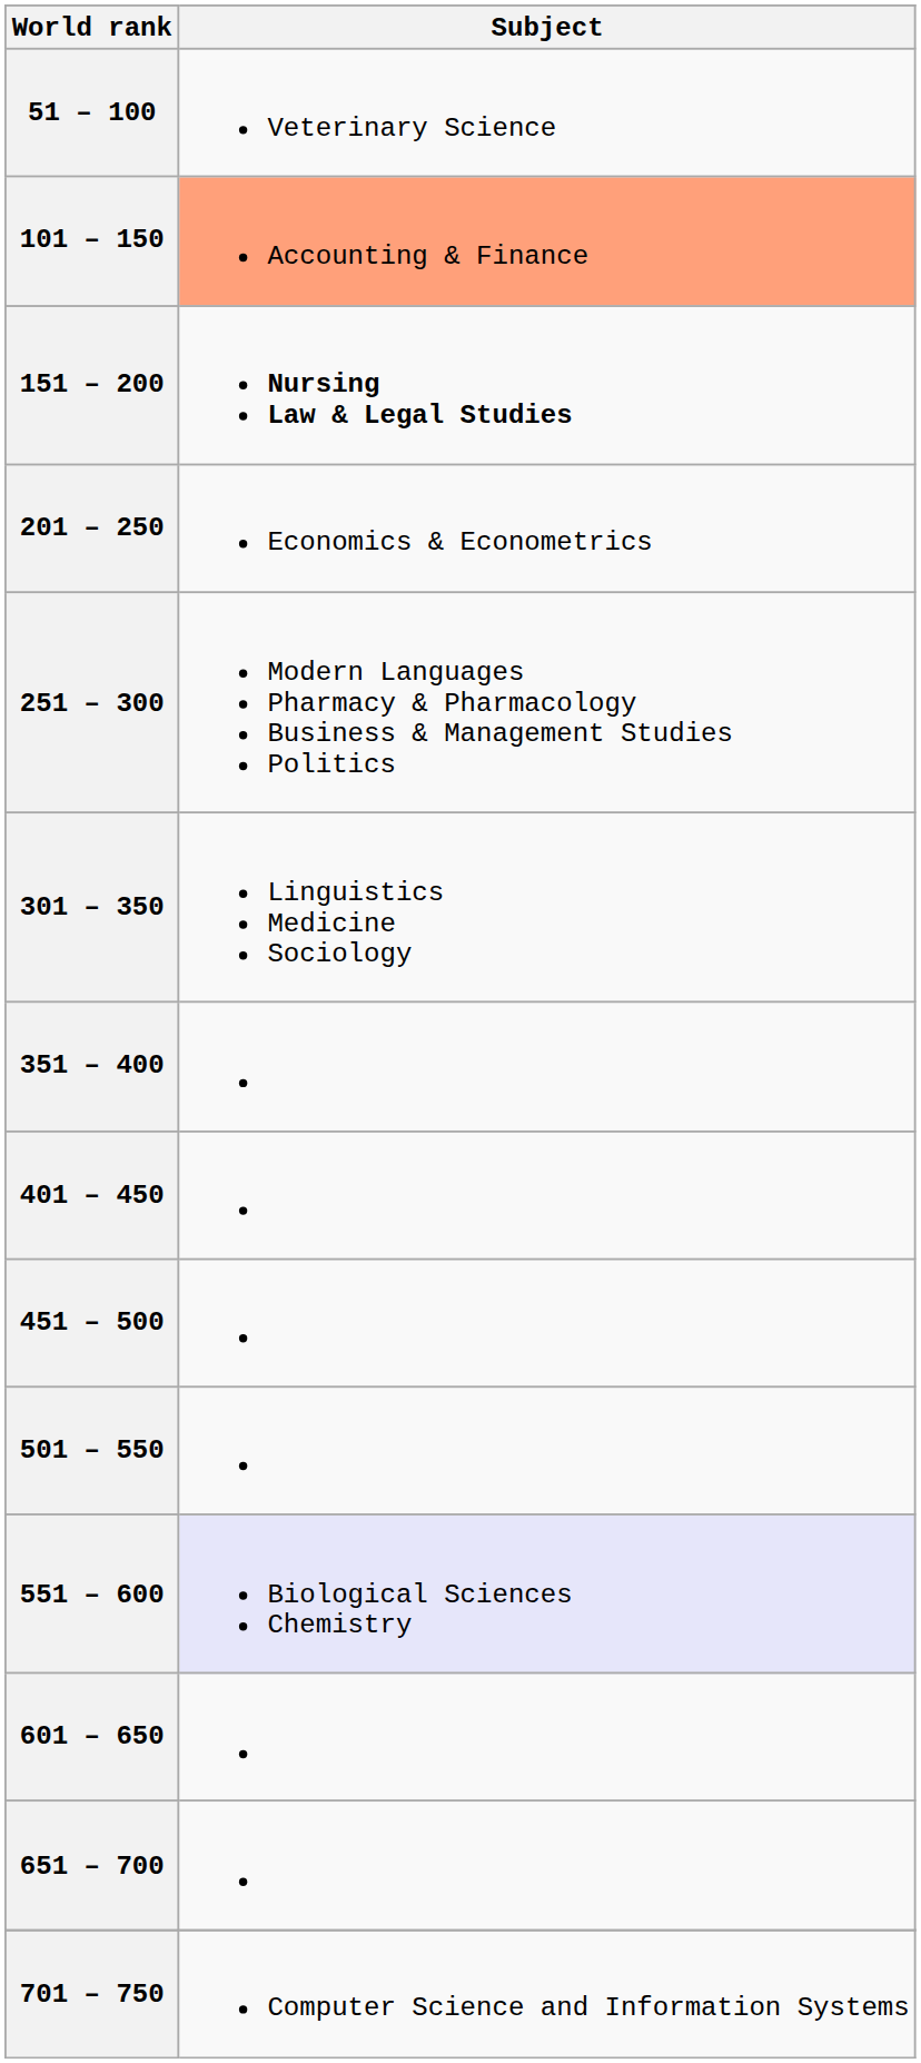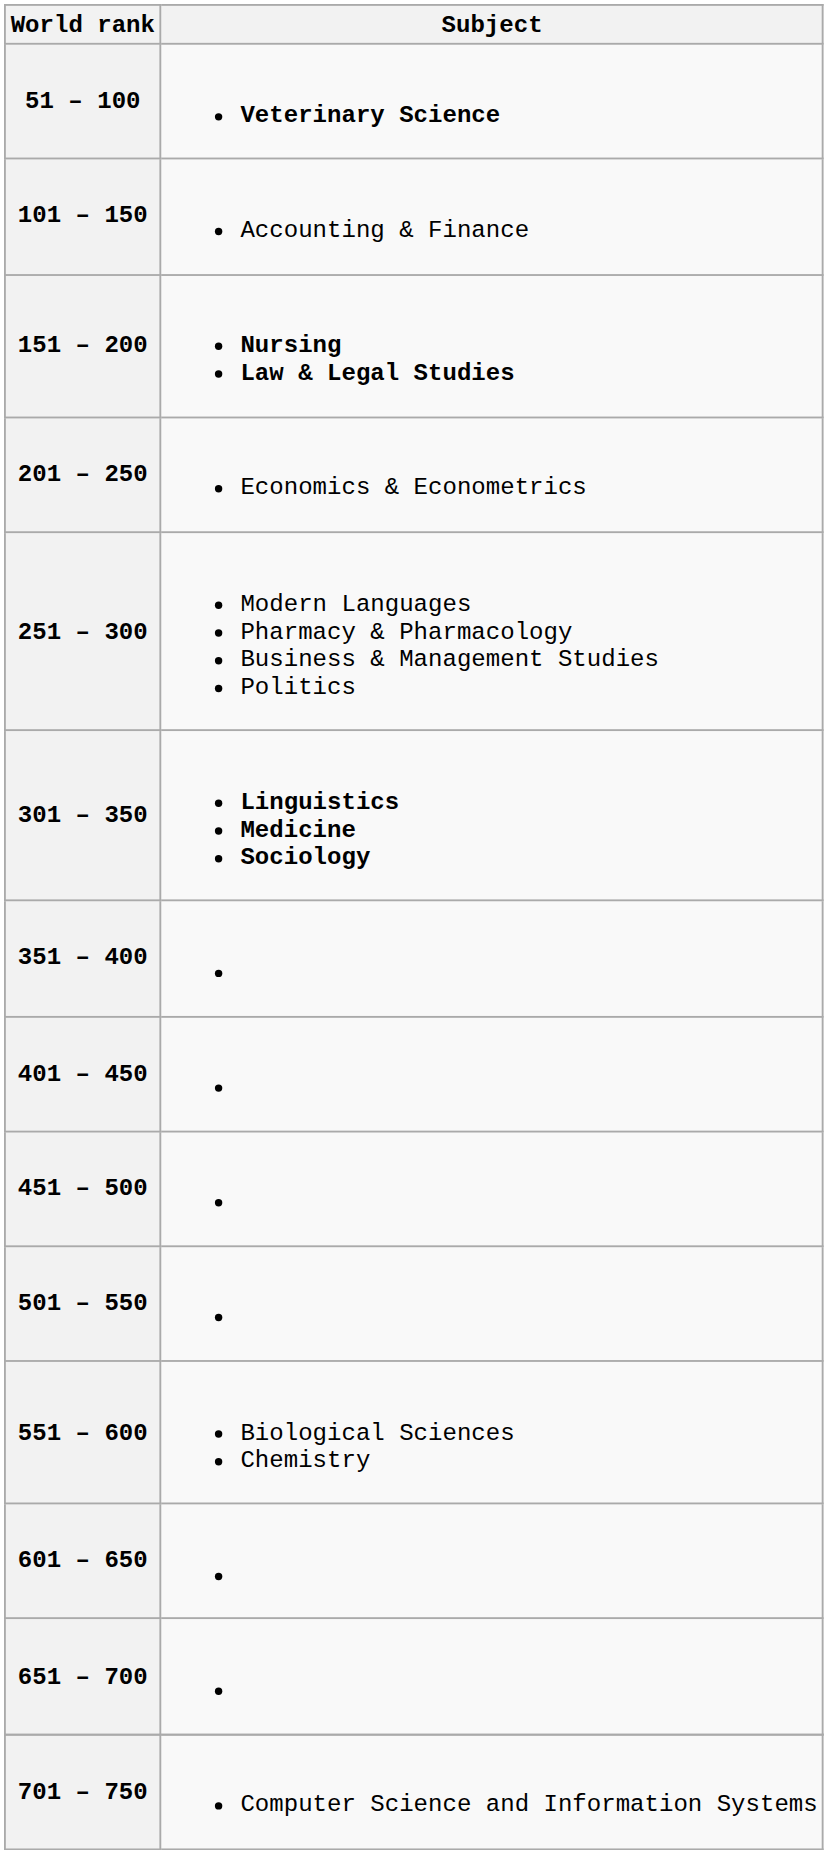 <table class="wikitable">
 <tr>
 <th>World rank</th>
 <th>Subject</th>
 </tr>
 <tr>
 <th><strong>51 – 100</strong></th>
-<td><br><ul><li>Veterinary Science</li></ul></td>
+<td><strong><br><ul><li>Veterinary Science</li></ul></strong></td>
 </tr>
 <tr>
 <th><strong>101 – 150</strong></th>
-<td style="background: lightsalmon;"><br><ul><li>Accounting & Finance</li></ul></td>
+<td><br><ul><li>Accounting & Finance</li></ul></td>
 </tr>
 <tr>
 <th><strong>151 – 200</strong></th>
 <td><strong><br><ul><li>Nursing</li><li>Law & Legal Studies</li></ul></strong></td>
 </tr>
 <tr>
 <th><strong>201 – 250</strong></th>
 <td><br><ul><li>Economics & Econometrics</li></ul></td>
 </tr>
 <tr>
 <th><strong>251 – 300</strong></th>
 <td><br><ul><li>Modern Languages</li><li>Pharmacy & Pharmacology</li><li>Business & Management Studies</li><li>Politics</li></ul></td>
 </tr>
 <tr>
 <th><strong>301 – 350</strong></th>
-<td><br><ul><li>Linguistics</li><li>Medicine</li><li>Sociology</li></ul></td>
+<td><strong><br><ul><li>Linguistics</li><li>Medicine</li><li>Sociology</li></ul></strong></td>
 </tr>
 <tr>
 <th><strong>351 – 400</strong></th>
 <td><br><ul><li></li></ul></td>
 </tr>
 <tr>
 <th><strong>401 – 450</strong></th>
 <td><br><ul><li></li></ul></td>
 </tr>
 <tr>
 <th><strong>451 – 500</strong></th>
 <td><br><ul><li></li></ul></td>
 </tr>
 <tr>
 <th><strong>501 – 550</strong></th>
 <td><br><ul><li></li></ul></td>
 </tr>
 <tr>
 <th><strong>551 – 600</strong></th>
-<td style="background: lavender;"><br><ul><li>Biological Sciences</li><li>Chemistry</li></ul></td>
+<td><br><ul><li>Biological Sciences</li><li>Chemistry</li></ul></td>
 </tr>
 <tr>
 <th><strong>601 – 650</strong></th>
 <td><br><ul><li></li></ul></td>
 </tr>
 <tr>
 <th><strong>651 – 700</strong></th>
 <td><br><ul><li></li></ul></td>
 </tr>
 <tr>
 </tr>
 <tr>
 <th><strong>701 – 750</strong></th>
 <td><br><ul><li>Computer Science and Information Systems</li></ul></td>
 </tr>
 </table>
